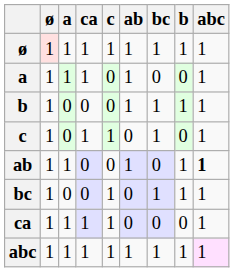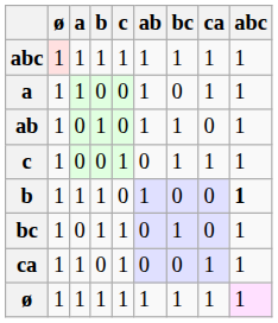 <table class=wikitable>
 <tr>
 <th></th>
 <th>ø</th>
 <th>a</th>
-<th>ca</th>
+<th>b</th>
 <th>c</th>
 <th>ab</th>
 <th>bc</th>
-<th>b</th>
+<th>ca</th>
 <th>abc</th>
 </tr>
 <tr>
-<th>ø</th>
+<th>abc</th>
 <td BGCOLOR="#ffe0e0">1</td>
 <td>1</td>
 <td>1</td>
 <td>1</td>
 <td>1</td>
 <td>1</td>
 <td>1</td>
 <td>1</td>
 </tr>
 <tr>
 <th>a</th>
 <td>1</td>
 <td BGCOLOR="#e0ffe0">1</td>
-<td>1</td>
+<td BGCOLOR="#e0ffe0">0</td>
 <td BGCOLOR="#e0ffe0">0</td>
 <td>1</td>
 <td>0</td>
-<td BGCOLOR="#e0ffe0">0</td>
+<td>1</td>
 <td>1</td>
 </tr>
 <tr>
-<th>b</th>
+<th>ab</th>
 <td>1</td>
 <td BGCOLOR="#e0ffe0">0</td>
-<td>0</td>
+<td BGCOLOR="#e0ffe0">1</td>
 <td BGCOLOR="#e0ffe0">0</td>
 <td>1</td>
 <td>1</td>
-<td BGCOLOR="#e0ffe0">1</td>
+<td>0</td>
 <td>1</td>
 </tr>
 <tr>
 <th>c</th>
 <td>1</td>
 <td BGCOLOR="#e0ffe0">0</td>
-<td>1</td>
+<td BGCOLOR="#e0ffe0">0</td>
 <td BGCOLOR="#e0ffe0">1</td>
 <td>0</td>
 <td>1</td>
-<td BGCOLOR="#e0ffe0">0</td>
+<td>1</td>
 <td>1</td>
 </tr>
 <tr>
-<th>ab</th>
+<th>b</th>
 <td>1</td>
 <td>1</td>
-<td BGCOLOR="#e0e0ff">0</td>
+<td>1</td>
 <td>0</td>
 <td BGCOLOR="#e0e0ff">1</td>
 <td BGCOLOR="#e0e0ff">0</td>
-<td>1</td>
+<td BGCOLOR="#e0e0ff">0</td>
 <td><strong>1</strong></td>
 </tr>
 <tr>
 <th>bc</th>
 <td>1</td>
 <td>0</td>
-<td BGCOLOR="#e0e0ff">0</td>
+<td>1</td>
 <td>1</td>
 <td BGCOLOR="#e0e0ff">0</td>
 <td BGCOLOR="#e0e0ff">1</td>
-<td>1</td>
+<td BGCOLOR="#e0e0ff">0</td>
 <td>1</td>
 </tr>
 <tr>
 <th>ca</th>
 <td>1</td>
 <td>1</td>
-<td BGCOLOR="#e0e0ff">1</td>
+<td>0</td>
 <td>1</td>
 <td BGCOLOR="#e0e0ff">0</td>
 <td BGCOLOR="#e0e0ff">0</td>
-<td>0</td>
+<td BGCOLOR="#e0e0ff">1</td>
 <td>1</td>
 </tr>
 <tr>
-<th>abc</th>
+<th>ø</th>
 <td>1</td>
 <td>1</td>
 <td>1</td>
 <td>1</td>
 <td>1</td>
 <td>1</td>
 <td>1</td>
 <td BGCOLOR="#ffe0ff">1</td>
 </tr>
 </table>
